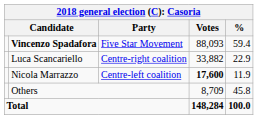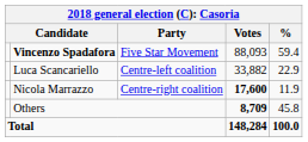 <table class=wikitable style=text-align:right>
 <tr>
 <th colspan=5><a href='#'>2018 general election</a> (<a href='#'>C</a>): <a href='#'>Casoria</a></th>
 </tr>
 <tr>
 <th colspan=2>Candidate</th>
 <th>Party</th>
 <th>Votes</th>
 <th>%</th>
 </tr>
 <tr>
 <td></td>
 <td align=left><strong>Vincenzo Spadafora</strong></td>
 <td align=left><a href='#'>Five Star Movement</a></td>
 <td>88,093</td>
 <td>59.4</td>
 </tr>
 <tr>
 <td></td>
 <td align=left>Luca Scancariello</td>
-<td align=left><a href='#'>Centre-right coalition</a></td>
+<td align=left><a href='#'>Centre-left coalition</a></td>
 <td>33,882</td>
 <td>22.9</td>
 </tr>
 <tr>
 <td></td>
 <td align=left>Nicola Marrazzo</td>
-<td align=left><a href='#'>Centre-left coalition</a></td>
+<td align=left><a href='#'>Centre-right coalition</a></td>
 <td><strong>17,600</strong></td>
 <td>11.9</td>
 </tr>
 <tr>
 <td></td>
 <td align=left colspan=2>Others</td>
-<td>8,709</td>
+<td><strong>8,709</strong></td>
 <td>45.8</td>
 </tr>
 <tr>
 <td align=left colspan=3><strong>Total</strong></td>
 <td><strong>148,284</strong></td>
 <td><strong>100.0</strong></td>
 </tr>
 </table>
